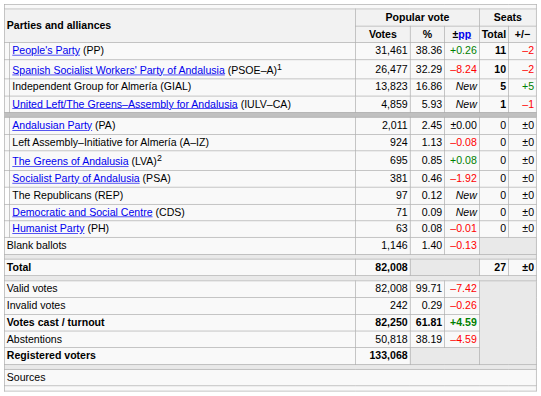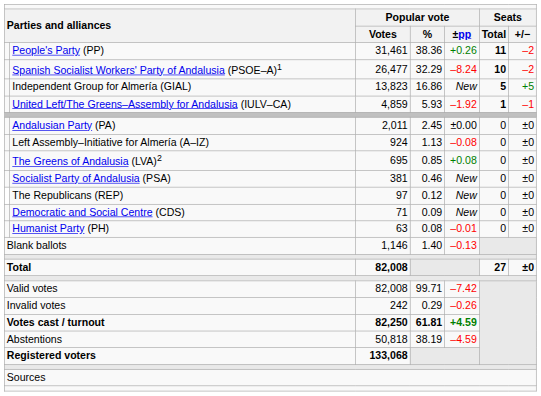 <table class="wikitable" style="text-align:right;">
 <tr>
 <td colspan="7"></td>
 </tr>
 <tr>
 <th style="text-align:left;" rowspan="2" colspan="2" width="525">Parties and alliances</th>
 <th colspan="3">Popular vote</th>
 <th colspan="2">Seats</th>
 </tr>
 <tr>
 <th width="75">Votes</th>
 <th width="45">%</th>
 <th width="45">±<a href='#'>pp</a></th>
 <th width="35">Total</th>
 <th width="35">+/−</th>
 </tr>
 <tr>
 <td width="1" style="color:inherit;background:"></td>
 <td align="left"><a href='#'>People's Party</a> (PP)</td>
 <td>31,461</td>
 <td>38.36</td>
 <td style="color:green;">+0.26</td>
 <td><strong>11</strong></td>
 <td style="color:red;">–2</td>
 </tr>
 <tr>
 <td style="color:inherit;background:"></td>
 <td align="left"><a href='#'>Spanish Socialist Workers' Party of Andalusia</a> (PSOE–A)<sup>1</sup></td>
 <td>26,477</td>
 <td>32.29</td>
 <td style="color:red;">–8.24</td>
 <td><strong>10</strong></td>
 <td style="color:red;">–2</td>
 </tr>
 <tr>
 <td style="color:inherit;background:"></td>
 <td align="left">Independent Group for Almería (GIAL)</td>
 <td>13,823</td>
 <td>16.86</td>
 <td><em>New</em></td>
 <td><strong>5</strong></td>
 <td style="color:green;">+5</td>
 </tr>
 <tr>
 <td style="color:inherit;background:"></td>
 <td align="left"><a href='#'>United Left/The Greens–Assembly for Andalusia</a> (IULV–CA)</td>
 <td>4,859</td>
 <td>5.93</td>
-<td><em>New</em></td>
+<td style="color:red;">–1.92</td>
 <td><strong>1</strong></td>
 <td style="color:red;">–1</td>
 </tr>
 <tr>
 <td colspan="7" bgcolor="#C0C0C0"></td>
 </tr>
 <tr>
 <td style="color:inherit;background:"></td>
 <td align="left"><a href='#'>Andalusian Party</a> (PA)</td>
 <td>2,011</td>
 <td>2.45</td>
 <td>±0.00</td>
 <td>0</td>
 <td>±0</td>
 </tr>
 <tr>
 <td style="color:inherit;background:"></td>
 <td align="left">Left Assembly–Initiative for Almería (A–IZ)</td>
 <td>924</td>
 <td>1.13</td>
 <td style="color:red;">–0.08</td>
 <td>0</td>
 <td>±0</td>
 </tr>
 <tr>
 <td style="color:inherit;background:"></td>
 <td align="left"><a href='#'>The Greens of Andalusia</a> (LVA)<sup>2</sup></td>
 <td>695</td>
 <td>0.85</td>
 <td style="color:green;">+0.08</td>
 <td>0</td>
 <td>±0</td>
 </tr>
 <tr>
 <td style="color:inherit;background:"></td>
 <td align="left"><a href='#'>Socialist Party of Andalusia</a> (PSA)</td>
 <td>381</td>
 <td>0.46</td>
-<td style="color:red;">–1.92</td>
+<td><em>New</em></td>
 <td>0</td>
 <td>±0</td>
 </tr>
 <tr>
 <td bgcolor="white"></td>
 <td align="left">The Republicans (REP)</td>
 <td>97</td>
 <td>0.12</td>
 <td><em>New</em></td>
 <td>0</td>
 <td>±0</td>
 </tr>
 <tr>
 <td style="color:inherit;background:"></td>
 <td align="left"><a href='#'>Democratic and Social Centre</a> (CDS)</td>
 <td>71</td>
 <td>0.09</td>
 <td><em>New</em></td>
 <td>0</td>
 <td>±0</td>
 </tr>
 <tr>
 <td style="color:inherit;background:"></td>
 <td align="left"><a href='#'>Humanist Party</a> (PH)</td>
 <td>63</td>
 <td>0.08</td>
 <td style="color:red;">–0.01</td>
 <td>0</td>
 <td>±0</td>
 </tr>
 <tr>
 <td align="left" colspan="2">Blank ballots</td>
 <td>1,146</td>
 <td>1.40</td>
 <td style="color:red;">–0.13</td>
 <td bgcolor="#E9E9E9" colspan="2"></td>
 </tr>
 <tr>
 <td colspan="7" bgcolor="#E9E9E9"></td>
 </tr>
 <tr style="font-weight:bold;">
 <td align="left" colspan="2">Total</td>
 <td>82,008</td>
 <td bgcolor="#E9E9E9" colspan="2"></td>
 <td>27</td>
 <td>±0</td>
 </tr>
 <tr>
 <td colspan="7" bgcolor="#E9E9E9"></td>
 </tr>
 <tr>
 <td align="left" colspan="2">Valid votes</td>
 <td>82,008</td>
 <td>99.71</td>
 <td style="color:red;">–7.42</td>
 <td bgcolor="#E9E9E9" colspan="2" rowspan="5"></td>
 </tr>
 <tr>
 <td align="left" colspan="2">Invalid votes</td>
 <td>242</td>
 <td>0.29</td>
 <td style="color:red;">–0.26</td>
 </tr>
 <tr style="font-weight:bold;">
 <td align="left" colspan="2">Votes cast / turnout</td>
 <td>82,250</td>
 <td>61.81</td>
 <td style="color:green;">+4.59</td>
 </tr>
 <tr>
 <td align="left" colspan="2">Abstentions</td>
 <td>50,818</td>
 <td>38.19</td>
 <td style="color:red;">–4.59</td>
 </tr>
 <tr style="font-weight:bold;">
 <td align="left" colspan="2">Registered voters</td>
 <td>133,068</td>
 <td bgcolor="#E9E9E9" colspan="2"></td>
 </tr>
 <tr>
 <td colspan="7" bgcolor="#E9E9E9"></td>
 </tr>
 <tr>
 <td align="left" colspan="7">Sources</td>
 </tr>
 <tr>
 <td colspan="7" style="text-align:left; max-width:790px;"></td>
 </tr>
 </table>
